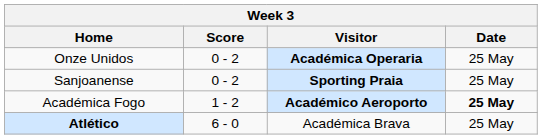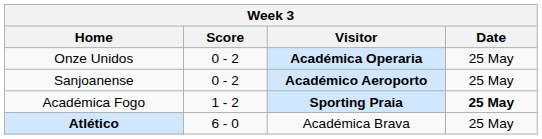 <table class="wikitable" style="font-size:95%; text-align: center; width: 95%;">
 <tr>
 <th colspan="12" style="with: 100%;" align=center>Week 3</th>
 </tr>
 <tr>
 <th width="200">Home</th>
 <th width="90">Score</th>
 <th width="200">Visitor</th>
 <th width="100">Date</th>
 </tr>
 <tr align=center>
 <td>Onze Unidos</td>
 <td>0 - 2</td>
 <td bgcolor=#D0E7FF><strong>Académica Operaria</strong></td>
 <td>25 May</td>
 </tr>
 <tr align=center>
 <td>Sanjoanense</td>
 <td>0 - 2</td>
-<td bgcolor=#D0E7FF><strong>Sporting Praia</strong></td>
+<td bgcolor=#D0E7FF><strong>Académico Aeroporto</strong></td>
 <td>25 May</td>
 </tr>
 <tr align=center>
 <td>Académica Fogo</td>
 <td>1 - 2</td>
-<td bgcolor=#D0E7FF><strong>Académico Aeroporto</strong></td>
+<td bgcolor=#D0E7FF><strong>Sporting Praia</strong></td>
 <td><strong>25 May</strong></td>
 </tr>
 <tr align=center>
 <td bgcolor=#D0E7FF><strong>Atlético</strong></td>
 <td>6 - 0</td>
 <td>Académica Brava</td>
 <td>25 May</td>
 </tr>
 </table>
